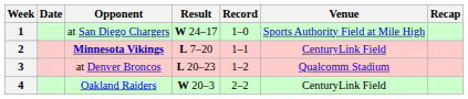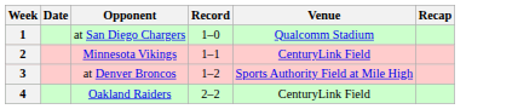 <table class="wikitable" style="text-align:center">
 <tr>
 <th>Week</th>
 <th>Date</th>
 <th>Opponent</th>
-<th>Result</th>
 <th>Record</th>
 <th>Venue</th>
 <th>Recap</th>
 </tr>
 <tr style="background:#cfc">
 <th>1</th>
 <td></td>
 <td>at <a href='#'>San Diego Chargers</a></td>
-<td><strong>W</strong> 24–17</td>
 <td>1–0</td>
-<td><a href='#'>Sports Authority Field at Mile High</a></td>
+<td><a href='#'>Qualcomm Stadium</a></td>
 <td></td>
 </tr>
 <tr style="background:#fcc">
 <th>2</th>
 <td></td>
-<td><strong><a href='#'>Minnesota Vikings</a></strong></td>
-<td><strong>L</strong> 7–20</td>
+<td><a href='#'>Minnesota Vikings</a></td>
 <td>1–1</td>
 <td><a href='#'>CenturyLink Field</a></td>
 <td></td>
 </tr>
 <tr style="background:#fcc">
 <th>3</th>
 <td></td>
 <td>at <a href='#'>Denver Broncos</a></td>
-<td><strong>L</strong> 20–23</td>
 <td>1–2</td>
-<td><a href='#'>Qualcomm Stadium</a></td>
+<td><a href='#'>Sports Authority Field at Mile High</a></td>
 <td></td>
 </tr>
 <tr style="background:#cfc">
 <th>4</th>
 <td></td>
 <td><a href='#'>Oakland Raiders</a></td>
-<td><strong>W</strong> 20–3</td>
 <td>2–2</td>
 <td>CenturyLink Field</td>
 <td></td>
 </tr>
 </table>
